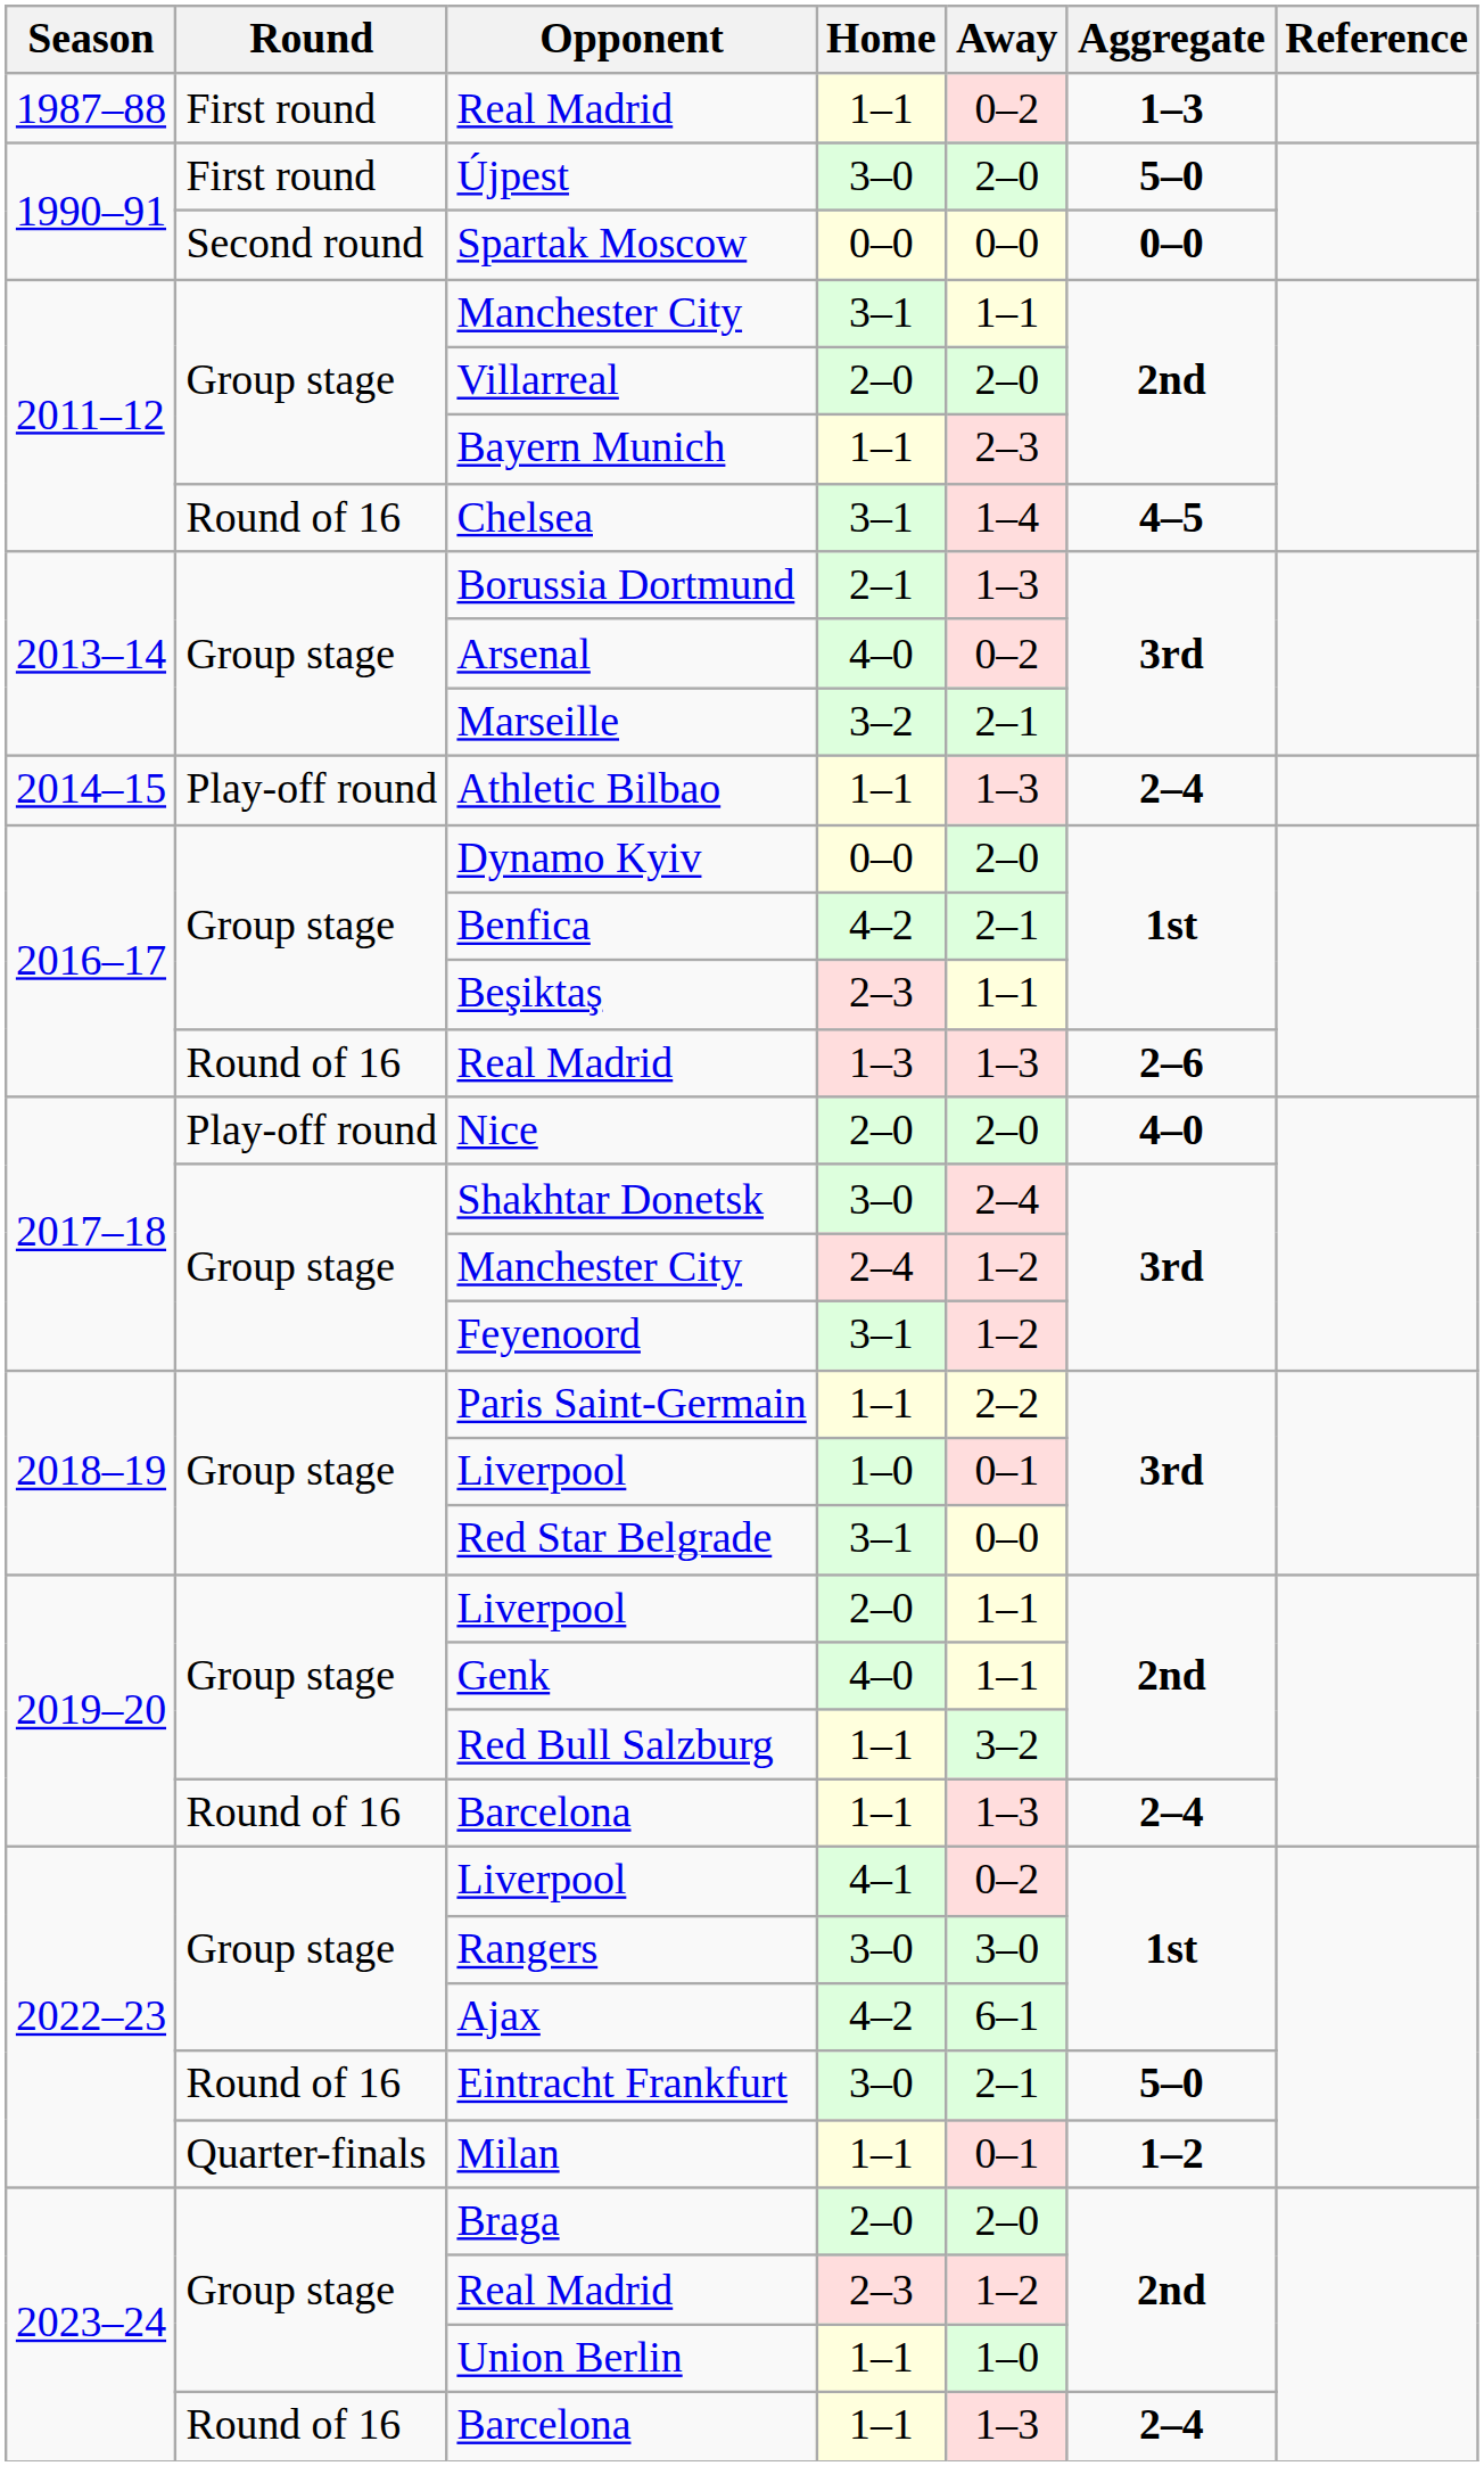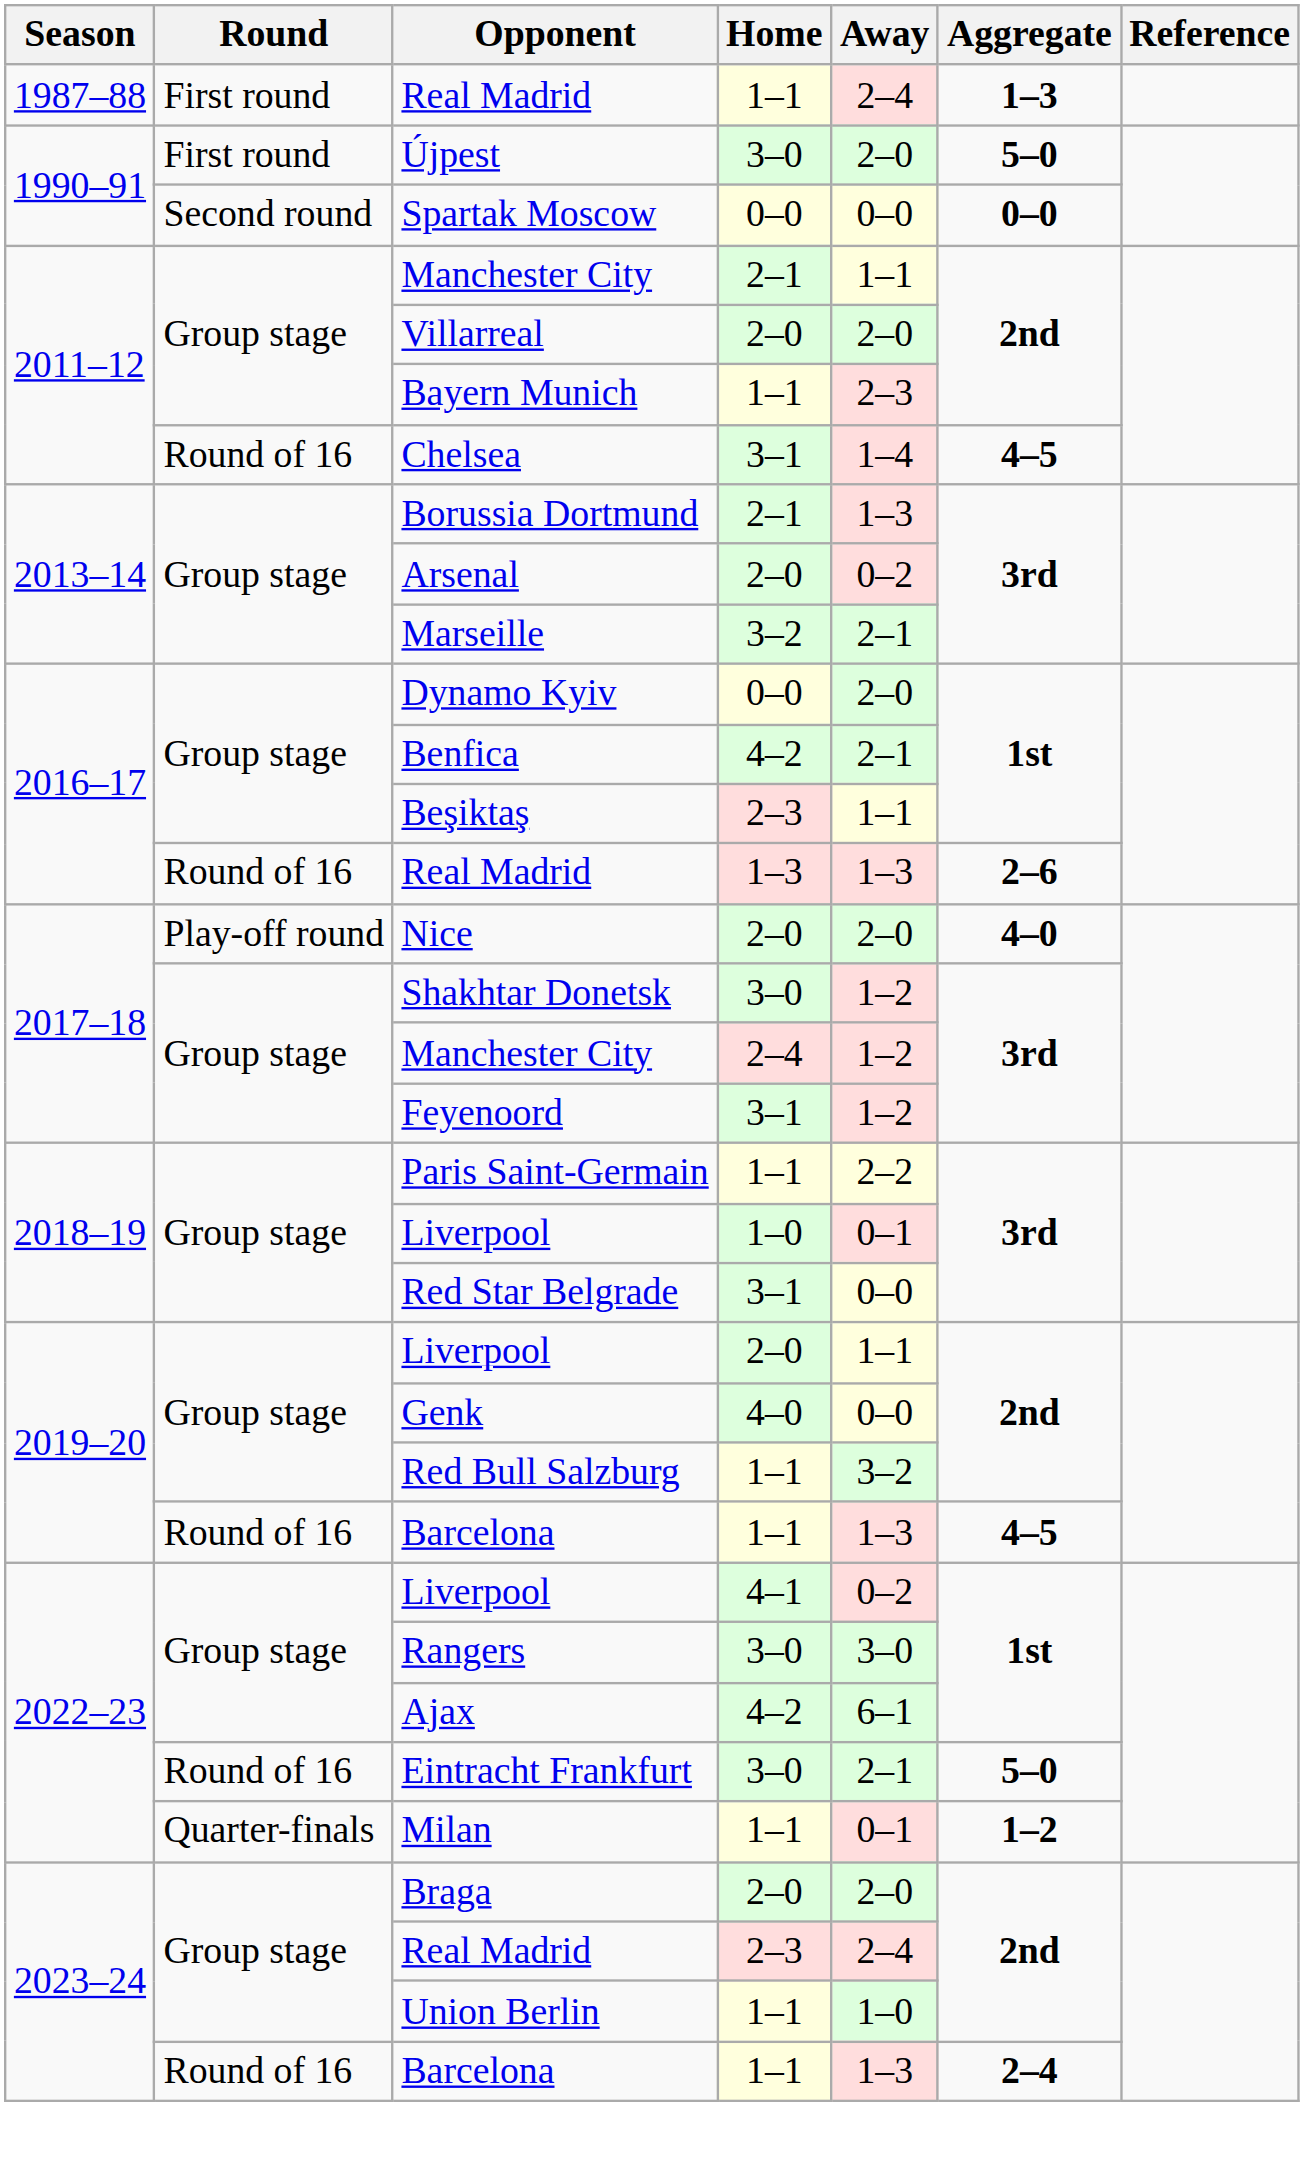 <table class="wikitable">
 <tr>
 <th>Season</th>
 <th>Round</th>
 <th>Opponent</th>
 <th>Home</th>
 <th>Away</th>
 <th>Aggregate</th>
 <th>Reference</th>
 </tr>
 <tr>
 <td><a href='#'>1987–88</a></td>
 <td>First round</td>
 <td> <a href='#'>Real Madrid</a></td>
 <td style="text-align:center; background:#ffd;">1–1</td>
-<td style="text-align:center; background:#fdd;">0–2</td>
+<td style="text-align:center; background:#fdd;">2–4</td>
 <td style="text-align:center;"><strong>1–3</strong></td>
 <td style="text-align:center;"></td>
 </tr>
 <tr>
 <td rowspan=2><a href='#'>1990–91</a></td>
 <td>First round</td>
 <td> <a href='#'>Újpest</a></td>
 <td style="text-align:center; background:#dfd;">3–0</td>
 <td style="text-align:center; background:#dfd;">2–0</td>
 <td style="text-align:center;"><strong>5–0</strong></td>
 <td rowspan=2 style="text-align:center;"></td>
 </tr>
 <tr>
 <td>Second round</td>
 <td> <a href='#'>Spartak Moscow</a></td>
 <td style="text-align:center; background:#ffd;">0–0</td>
 <td style="text-align:center; background:#ffd;">0–0 </td>
 <td style="text-align:center;"><strong>0–0 </strong></td>
 </tr>
 <tr>
 <td rowspan=4><a href='#'>2011–12</a></td>
 <td rowspan=3>Group stage</td>
 <td> <a href='#'>Manchester City</a></td>
-<td style="text-align:center; background:#dfd;">3–1</td>
+<td style="text-align:center; background:#dfd;">2–1</td>
 <td style="text-align:center; background:#ffd;">1–1</td>
 <td style="text-align:center;" rowspan=3><strong>2nd</strong></td>
 <td rowspan=4 style="text-align:center;"></td>
 </tr>
 <tr>
 <td> <a href='#'>Villarreal</a></td>
 <td style="text-align:center; background:#dfd;">2–0</td>
 <td style="text-align:center; background:#dfd;">2–0</td>
 </tr>
 <tr>
 <td> <a href='#'>Bayern Munich</a></td>
 <td style="text-align:center; background:#ffd;">1–1</td>
 <td style="text-align:center; background:#fdd;">2–3</td>
 </tr>
 <tr>
 <td>Round of 16</td>
 <td> <a href='#'>Chelsea</a></td>
 <td style="text-align:center; background:#dfd;">3–1</td>
 <td style="text-align:center; background:#fdd;">1–4 </td>
 <td style="text-align:center;"><strong>4–5</strong></td>
 </tr>
 <tr>
 <td rowspan=3><a href='#'>2013–14</a></td>
 <td rowspan=3>Group stage</td>
 <td> <a href='#'>Borussia Dortmund</a></td>
 <td style="text-align:center; background:#dfd;">2–1</td>
 <td style="text-align:center; background:#fdd;">1–3</td>
 <td style="text-align:center;" rowspan=3><strong>3rd</strong></td>
 <td rowspan=3 style="text-align:center;"></td>
 </tr>
 <tr>
 <td> <a href='#'>Arsenal</a></td>
-<td style="text-align:center; background:#dfd;">4–0</td>
+<td style="text-align:center; background:#dfd;">2–0</td>
 <td style="text-align:center; background:#fdd;">0–2</td>
 </tr>
 <tr>
 <td> <a href='#'>Marseille</a></td>
 <td style="text-align:center; background:#dfd;">3–2</td>
 <td style="text-align:center; background:#dfd;">2–1</td>
-</tr>
-<tr>
-<td><a href='#'>2014–15</a></td>
-<td>Play-off round</td>
-<td> <a href='#'>Athletic Bilbao</a></td>
-<td style="text-align:center; background:#ffd;">1–1</td>
-<td style="text-align:center; background:#fdd;">1–3</td>
-<td style="text-align:center;"><strong>2–4</strong></td>
-<td style="text-align:center;"></td>
 </tr>
 <tr>
 <td rowspan=4><a href='#'>2016–17</a></td>
 <td rowspan=3>Group stage</td>
 <td> <a href='#'>Dynamo Kyiv</a></td>
 <td style="text-align:center; background:#ffd;">0–0</td>
 <td style="text-align:center; background:#dfd;">2–0</td>
 <td style="text-align:center;" rowspan=3><strong>1st</strong></td>
 <td rowspan=4 style="text-align:center;"></td>
 </tr>
 <tr>
 <td> <a href='#'>Benfica</a></td>
 <td style="text-align:center; background:#dfd;">4–2</td>
 <td style="text-align:center; background:#dfd;">2–1</td>
 </tr>
 <tr>
 <td> <a href='#'>Beşiktaş</a></td>
 <td style="text-align:center; background:#fdd;">2–3</td>
 <td style="text-align:center; background:#ffd;">1–1</td>
 </tr>
 <tr>
 <td>Round of 16</td>
 <td> <a href='#'>Real Madrid</a></td>
 <td style="text-align:center; background:#fdd;">1–3</td>
 <td style="text-align:center; background:#fdd;">1–3</td>
 <td style="text-align:center;"><strong>2–6</strong></td>
 </tr>
 <tr>
 <td rowspan=4><a href='#'>2017–18</a></td>
 <td>Play-off round</td>
 <td> <a href='#'>Nice</a></td>
 <td style="text-align:center; background:#dfd;">2–0</td>
 <td style="text-align:center; background:#dfd;">2–0</td>
 <td style="text-align:center;"><strong>4–0</strong></td>
 <td rowspan=4 style="text-align:center;"></td>
 </tr>
 <tr>
 <td rowspan=3>Group stage</td>
 <td> <a href='#'>Shakhtar Donetsk</a></td>
 <td style="text-align:center; background:#dfd;">3–0</td>
-<td style="text-align:center; background:#fdd;">2–4</td>
+<td style="text-align:center; background:#fdd;">1–2</td>
 <td style="text-align:center;" rowspan=3><strong>3rd</strong></td>
 </tr>
 <tr>
 <td> <a href='#'>Manchester City</a></td>
 <td style="text-align:center; background:#fdd;">2–4</td>
 <td style="text-align:center; background:#fdd;">1–2</td>
 </tr>
 <tr>
 <td> <a href='#'>Feyenoord</a></td>
 <td style="text-align:center; background:#dfd;">3–1</td>
 <td style="text-align:center; background:#fdd;">1–2</td>
 </tr>
 <tr>
 <td rowspan=3><a href='#'>2018–19</a></td>
 <td rowspan=3>Group stage</td>
 <td> <a href='#'>Paris Saint-Germain</a></td>
 <td style="text-align:center; background:#ffd;">1–1</td>
 <td style="text-align:center; background:#ffd;">2–2</td>
 <td style="text-align:center;" rowspan=3><strong>3rd</strong></td>
 <td style="text-align:center;" rowspan=3></td>
 </tr>
 <tr>
 <td> <a href='#'>Liverpool</a></td>
 <td style="text-align:center; background:#dfd;">1–0</td>
 <td style="text-align:center; background:#fdd;">0–1</td>
 </tr>
 <tr>
 <td> <a href='#'>Red Star Belgrade</a></td>
 <td style="text-align:center; background:#dfd;">3–1</td>
 <td style="text-align:center; background:#ffd;">0–0</td>
 </tr>
 <tr>
 <td rowspan=4><a href='#'>2019–20</a></td>
 <td rowspan=3>Group stage</td>
 <td> <a href='#'>Liverpool</a></td>
 <td style="text-align:center; background:#dfd;">2–0</td>
 <td style="text-align:center; background:#ffd;">1–1</td>
 <td style="text-align:center;" rowspan=3><strong>2nd</strong></td>
 <td style="text-align:center;" rowspan=4></td>
 </tr>
 <tr>
 <td> <a href='#'>Genk</a></td>
 <td style="text-align:center; background:#dfd;">4–0</td>
-<td style="text-align:center; background:#ffd;">1–1</td>
+<td style="text-align:center; background:#ffd;">0–0</td>
 </tr>
 <tr>
 <td> <a href='#'>Red Bull Salzburg</a></td>
 <td style="text-align:center; background:#ffd;">1–1</td>
 <td style="text-align:center; background:#dfd;">3–2</td>
 </tr>
 <tr>
 <td>Round of 16</td>
 <td> <a href='#'>Barcelona</a></td>
 <td style="text-align:center; background:#ffd;">1–1</td>
 <td style="text-align:center; background:#fdd;">1–3</td>
-<td style="text-align:center;"><strong>2–4</strong></td>
+<td style="text-align:center;"><strong>4–5</strong></td>
 </tr>
 <tr>
 <td rowspan=5><a href='#'>2022–23</a></td>
 <td rowspan=3>Group stage</td>
 <td> <a href='#'>Liverpool</a></td>
 <td style="text-align:center; background:#dfd;">4–1</td>
 <td style="text-align:center; background:#fdd;">0–2</td>
 <td style="text-align:center;" rowspan=3><strong>1st</strong></td>
 <td style="text-align:center;" rowspan=5></td>
 </tr>
 <tr>
 <td> <a href='#'>Rangers</a></td>
 <td style="text-align:center; background:#dfd;">3–0</td>
 <td style="text-align:center; background:#dfd;">3–0</td>
 </tr>
 <tr>
 <td> <a href='#'>Ajax</a></td>
 <td style="text-align:center; background:#dfd;">4–2</td>
 <td style="text-align:center; background:#dfd;">6–1</td>
 </tr>
 <tr>
 <td>Round of 16</td>
 <td> <a href='#'>Eintracht Frankfurt</a></td>
 <td style="text-align:center; background:#dfd;">3–0</td>
 <td style="text-align:center; background:#dfd;">2–1</td>
 <td style="text-align:center;"><strong>5–0</strong></td>
 </tr>
 <tr>
 <td>Quarter-finals</td>
 <td> <a href='#'>Milan</a></td>
 <td style="text-align:center; background:#ffd;">1–1</td>
 <td style="text-align:center; background:#fdd;">0–1</td>
 <td style="text-align:center;"><strong>1–2</strong></td>
 </tr>
 <tr>
 <td rowspan=4><a href='#'>2023–24</a></td>
 <td rowspan=3>Group stage</td>
 <td> <a href='#'>Braga</a></td>
 <td style="text-align:center; background:#dfd;">2–0</td>
 <td style="text-align:center; background:#dfd;">2–0</td>
 <td style="text-align:center;" rowspan=3><strong>2nd</strong></td>
 <td style="text-align:center;" rowspan=4></td>
 </tr>
 <tr>
 <td> <a href='#'>Real Madrid</a></td>
 <td style="text-align:center; background:#fdd;">2–3</td>
-<td style="text-align:center; background:#fdd;">1–2</td>
+<td style="text-align:center; background:#fdd;">2–4</td>
 </tr>
 <tr>
 <td> <a href='#'>Union Berlin</a></td>
 <td style="text-align:center; background:#ffd;">1–1</td>
 <td style="text-align:center; background:#dfd;">1–0</td>
 </tr>
 <tr>
 <td>Round of 16</td>
 <td> <a href='#'>Barcelona</a></td>
 <td style="text-align:center; background:#ffd;">1–1</td>
 <td style="text-align:center; background:#fdd;">1–3</td>
 <td style="text-align:center;"><strong>2–4</strong></td>
 </tr>
 </table>
